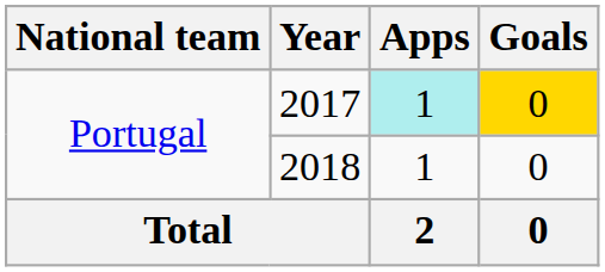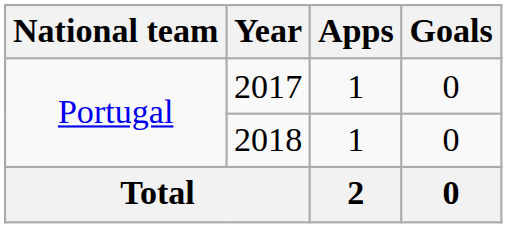 <table class="wikitable" style="text-align:center">
 <tr>
 <th>National team</th>
 <th>Year</th>
 <th>Apps</th>
 <th>Goals</th>
 </tr>
 <tr>
 <td rowspan="2"><a href='#'>Portugal</a></td>
 <td>2017</td>
-<td style="background: paleturquoise;">1</td>
-<td style="background: gold;">0</td>
+<td>1</td>
+<td>0</td>
 </tr>
 <tr>
 <td>2018</td>
 <td>1</td>
 <td>0</td>
 </tr>
 <tr>
 <th colspan="2">Total</th>
 <th>2</th>
 <th>0</th>
 </tr>
 </table>
